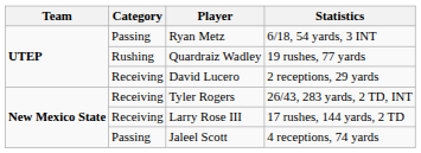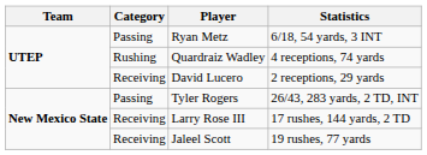 <table class="wikitable" style="float: right;">
 <tr>
 <th>Team</th>
 <th>Category</th>
 <th>Player</th>
 <th>Statistics</th>
 </tr>
 <tr>
 <td rowspan=3><strong>UTEP</strong></td>
 <td>Passing</td>
 <td>Ryan Metz</td>
 <td>6/18, 54 yards, 3 INT</td>
 </tr>
 <tr>
 <td>Rushing</td>
 <td>Quardraiz Wadley</td>
-<td>19 rushes, 77 yards</td>
+<td>4 receptions, 74 yards</td>
 </tr>
 <tr>
 <td>Receiving</td>
 <td>David Lucero</td>
 <td>2 receptions, 29 yards</td>
 </tr>
 <tr>
 <td rowspan=3><strong>New Mexico State</strong></td>
-<td>Receiving</td>
+<td>Passing</td>
 <td>Tyler Rogers</td>
 <td>26/43, 283 yards, 2 TD, INT</td>
 </tr>
 <tr>
 <td>Receiving</td>
 <td>Larry Rose III</td>
 <td>17 rushes, 144 yards, 2 TD</td>
 </tr>
 <tr>
-<td>Passing</td>
+<td>Receiving</td>
 <td>Jaleel Scott</td>
-<td>4 receptions, 74 yards</td>
+<td>19 rushes, 77 yards</td>
 </tr>
 </table>
